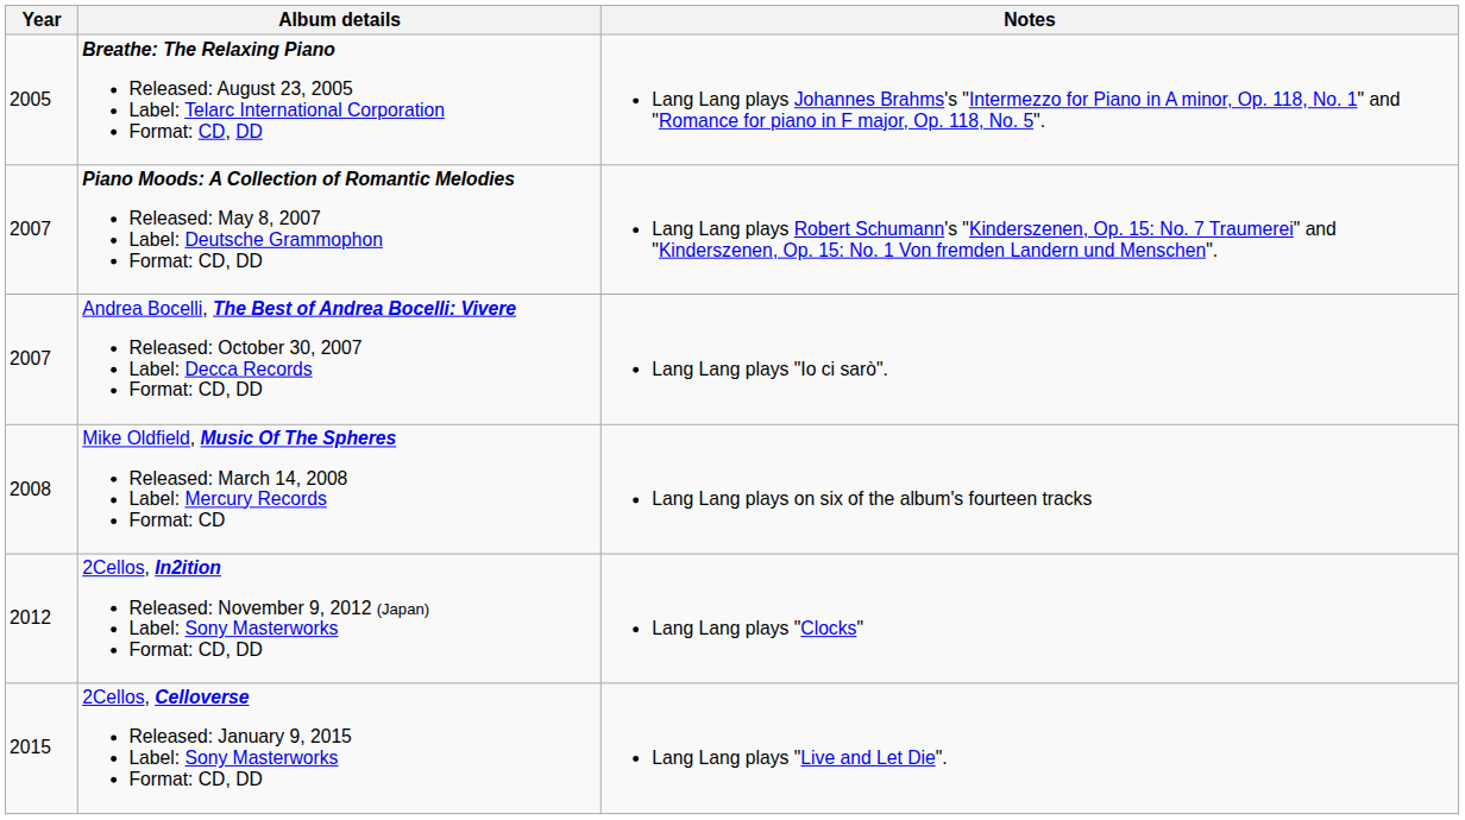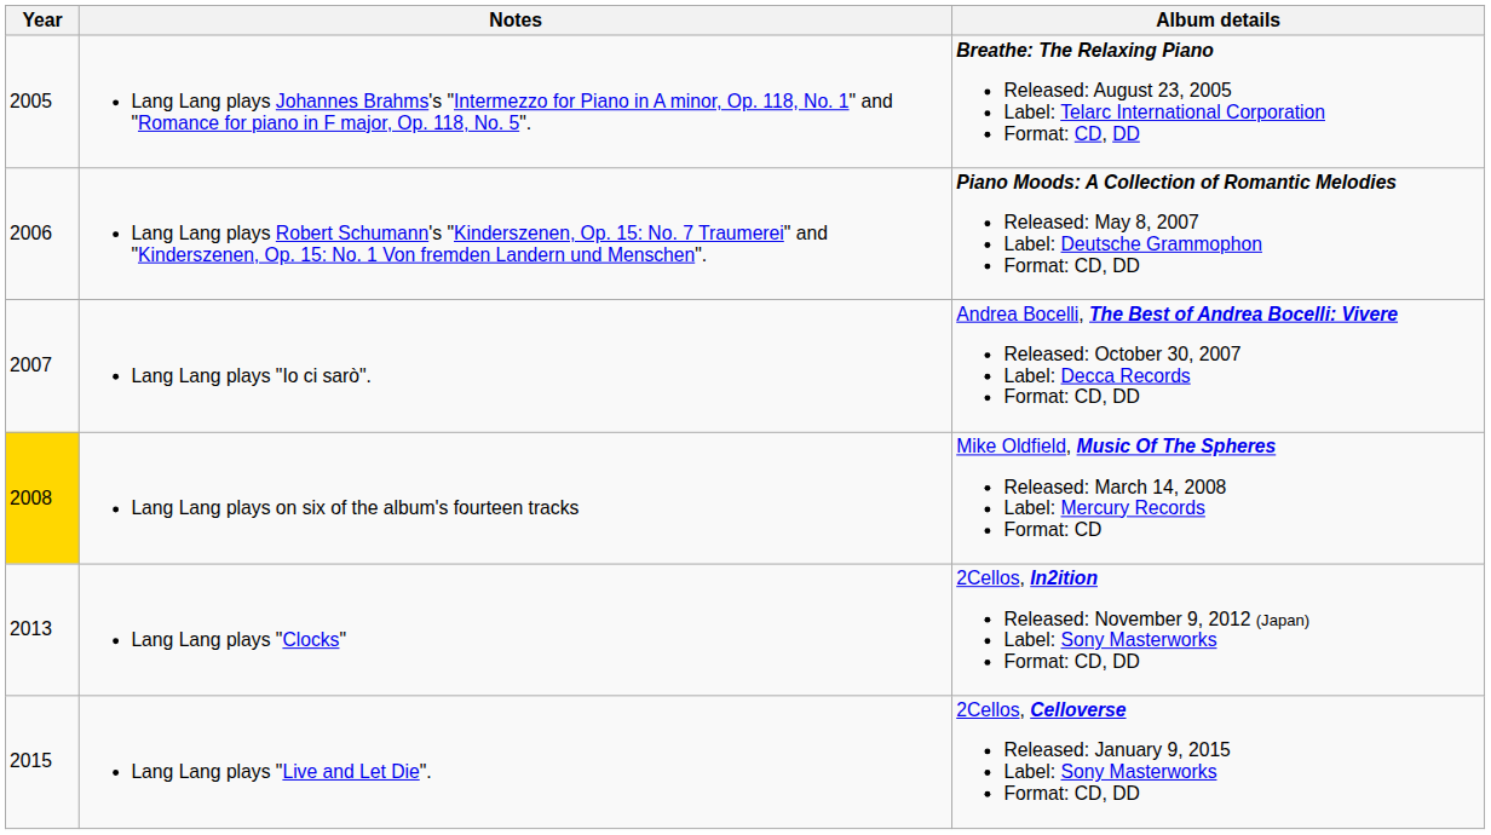 <table class="wikitable sortable" border="1">
 <tr>
 <th width="5%">Year</th>
+<th width="59%" class="unsortable">Notes</th>
 <th width="36%">Album details</th>
-<th width="59%" class="unsortable">Notes</th>
 </tr>
 <tr>
 <td>2005</td>
+<td><br><ul><li>Lang Lang plays <a href='#'>Johannes Brahms</a>'s "<a href='#'>Intermezzo for Piano in A minor, Op. 118, No. 1</a>" and "<a href='#'>Romance for piano in F major, Op. 118, No. 5</a>".</li></ul></td>
 <td><strong><em>Breathe: The Relaxing Piano</em></strong><br><ul><li>Released: August 23, 2005</li><li>Label: <a href='#'>Telarc International Corporation</a></li><li>Format: <a href='#'>CD</a>, <a href='#'>DD</a></li></ul></td>
-<td><br><ul><li>Lang Lang plays <a href='#'>Johannes Brahms</a>'s "<a href='#'>Intermezzo for Piano in A minor, Op. 118, No. 1</a>" and "<a href='#'>Romance for piano in F major, Op. 118, No. 5</a>".</li></ul></td>
+</tr>
+<tr>
+<td>2006</td>
+<td><br><ul><li>Lang Lang plays <a href='#'>Robert Schumann</a>'s "<a href='#'>Kinderszenen, Op. 15: No. 7 Traumerei</a>" and "<a href='#'>Kinderszenen, Op. 15: No. 1 Von fremden Landern und Menschen</a>".</li></ul></td>
+<td><strong><em>Piano Moods: A Collection of Romantic Melodies</em></strong><br><ul><li>Released: May 8, 2007</li><li>Label: <a href='#'>Deutsche Grammophon</a></li><li>Format: CD, DD</li></ul></td>
 </tr>
 <tr>
 <td>2007</td>
-<td><strong><em>Piano Moods: A Collection of Romantic Melodies</em></strong><br><ul><li>Released: May 8, 2007</li><li>Label: <a href='#'>Deutsche Grammophon</a></li><li>Format: CD, DD</li></ul></td>
-<td><br><ul><li>Lang Lang plays <a href='#'>Robert Schumann</a>'s "<a href='#'>Kinderszenen, Op. 15: No. 7 Traumerei</a>" and "<a href='#'>Kinderszenen, Op. 15: No. 1 Von fremden Landern und Menschen</a>".</li></ul></td>
+<td><br><ul><li>Lang Lang plays "Io ci sarò".</li></ul></td>
+<td><a href='#'>Andrea Bocelli</a>, <strong><em><a href='#'>The Best of Andrea Bocelli: Vivere</a></em></strong><br><ul><li>Released: October 30, 2007</li><li>Label: <a href='#'>Decca Records</a></li><li>Format: CD, DD</li></ul></td>
 </tr>
 <tr>
-<td>2007</td>
-<td><a href='#'>Andrea Bocelli</a>, <strong><em><a href='#'>The Best of Andrea Bocelli: Vivere</a></em></strong><br><ul><li>Released: October 30, 2007</li><li>Label: <a href='#'>Decca Records</a></li><li>Format: CD, DD</li></ul></td>
-<td><br><ul><li>Lang Lang plays "Io ci sarò".</li></ul></td>
+<td style="background: gold;">2008</td>
+<td><br><ul><li>Lang Lang plays on six of the album's fourteen tracks</li></ul></td>
+<td><a href='#'>Mike Oldfield</a>, <strong><em><a href='#'>Music Of The Spheres</a></em></strong><br><ul><li>Released: March 14, 2008</li><li>Label: <a href='#'>Mercury Records</a></li><li>Format: CD</li></ul></td>
 </tr>
 <tr>
-<td>2008</td>
-<td><a href='#'>Mike Oldfield</a>, <strong><em><a href='#'>Music Of The Spheres</a></em></strong><br><ul><li>Released: March 14, 2008</li><li>Label: <a href='#'>Mercury Records</a></li><li>Format: CD</li></ul></td>
-<td><br><ul><li>Lang Lang plays on six of the album's fourteen tracks</li></ul></td>
-</tr>
-<tr>
-<td>2012</td>
+<td>2013</td>
+<td><br><ul><li>Lang Lang plays "<a href='#'>Clocks</a>"</li></ul></td>
 <td><a href='#'>2Cellos</a>, <strong><em><a href='#'>In2ition</a></em></strong><br><ul><li>Released: November 9, 2012 <small>(Japan)</small></li><li>Label: <a href='#'>Sony Masterworks</a></li><li>Format: CD, DD</li></ul></td>
-<td><br><ul><li>Lang Lang plays "<a href='#'>Clocks</a>"</li></ul></td>
 </tr>
 <tr>
 <td>2015</td>
+<td><br><ul><li>Lang Lang plays "<a href='#'>Live and Let Die</a>".</li></ul></td>
 <td><a href='#'>2Cellos</a>, <strong><em><a href='#'>Celloverse</a></em></strong><br><ul><li>Released: January 9, 2015</li><li>Label: <a href='#'>Sony Masterworks</a></li><li>Format: CD, DD</li></ul></td>
-<td><br><ul><li>Lang Lang plays "<a href='#'>Live and Let Die</a>".</li></ul></td>
 </tr>
 </table>
